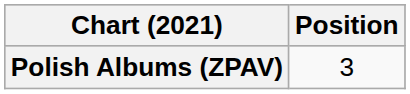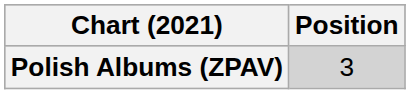 <table class="wikitable sortable plainrowheaders" style="text-align:center">
 <tr>
 <th scope="col">Chart (2021)</th>
 <th scope="col">Position</th>
 </tr>
 <tr>
 <th scope="row">Polish Albums (ZPAV)</th>
-<td>3</td>
+<td style="background: lightgrey;">3</td>
 </tr>
 </table>
